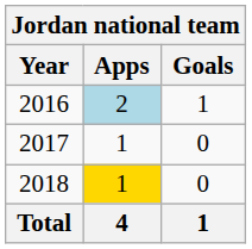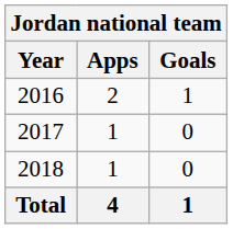 <table class="wikitable" style="text-align:center">
 <tr>
 <th colspan=3>Jordan national team</th>
 </tr>
 <tr>
 <th>Year</th>
 <th>Apps</th>
 <th>Goals</th>
 </tr>
 <tr>
 <td>2016</td>
-<td style="background: lightblue;">2</td>
+<td>2</td>
 <td>1</td>
 </tr>
 <tr>
 <td>2017</td>
 <td>1</td>
 <td>0</td>
 </tr>
 <tr>
 <td>2018</td>
-<td style="background: gold;">1</td>
+<td>1</td>
 <td>0</td>
 </tr>
 <tr>
 <th>Total</th>
 <th>4</th>
 <th>1</th>
 </tr>
 </table>
